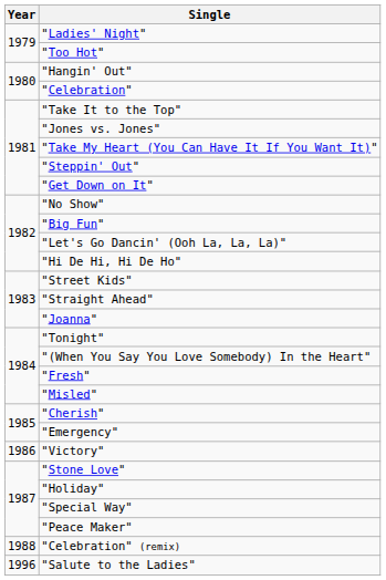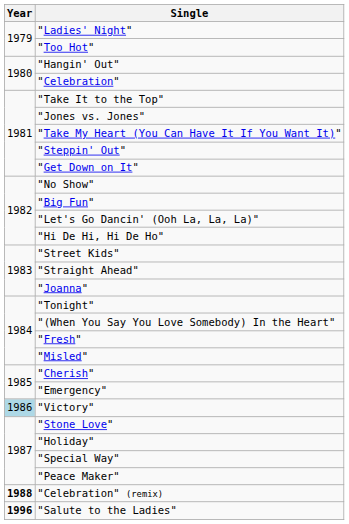 <table class="wikitable">
 <tr>
 <th>Year</th>
 <th>Single</th>
 </tr>
 <tr>
 <td rowspan="2">1979</td>
 <td>"<a href='#'>Ladies' Night</a>"</td>
 </tr>
 <tr>
 <td>"<a href='#'>Too Hot</a>"</td>
 </tr>
 <tr>
 <td rowspan="2">1980</td>
 <td>"Hangin' Out"</td>
 </tr>
 <tr>
 <td>"<a href='#'>Celebration</a>"</td>
 </tr>
 <tr>
 <td rowspan="5">1981</td>
 <td>"Take It to the Top"</td>
 </tr>
 <tr>
 <td>"Jones vs. Jones"</td>
 </tr>
 <tr>
 <td>"<a href='#'>Take My Heart (You Can Have It If You Want It)</a>"</td>
 </tr>
 <tr>
 <td>"<a href='#'>Steppin' Out</a>"</td>
 </tr>
 <tr>
 <td>"<a href='#'>Get Down on It</a>"</td>
 </tr>
 <tr>
 <td rowspan="4">1982</td>
 <td>"No Show"</td>
 </tr>
 <tr>
 <td>"<a href='#'>Big Fun</a>"</td>
 </tr>
 <tr>
 <td>"Let's Go Dancin' (Ooh La, La, La)"</td>
 </tr>
 <tr>
 <td>"Hi De Hi, Hi De Ho"</td>
 </tr>
 <tr>
 <td rowspan="3">1983</td>
 <td>"Street Kids"</td>
 </tr>
 <tr>
 <td>"Straight Ahead"</td>
 </tr>
 <tr>
 <td>"<a href='#'>Joanna</a>"</td>
 </tr>
 <tr>
 <td rowspan="4">1984</td>
 <td>"Tonight"</td>
 </tr>
 <tr>
 <td>"(When You Say You Love Somebody) In the Heart"</td>
 </tr>
 <tr>
 <td>"<a href='#'>Fresh</a>"</td>
 </tr>
 <tr>
 <td>"<a href='#'>Misled</a>"</td>
 </tr>
 <tr>
 <td rowspan="2">1985</td>
 <td>"<a href='#'>Cherish</a>"</td>
 </tr>
 <tr>
 <td>"Emergency"</td>
 </tr>
 <tr>
-<td>1986</td>
+<td style="background: lightblue;">1986</td>
 <td>"Victory"</td>
 </tr>
 <tr>
 <td rowspan="4">1987</td>
 <td>"<a href='#'>Stone Love</a>"</td>
 </tr>
 <tr>
 <td>"Holiday"</td>
 </tr>
 <tr>
 <td>"Special Way"</td>
 </tr>
 <tr>
 <td>"Peace Maker"</td>
 </tr>
 <tr>
-<td>1988</td>
+<td><strong>1988</strong></td>
 <td>"Celebration" <small>(remix)</small></td>
 </tr>
 <tr>
-<td>1996</td>
+<td><strong>1996</strong></td>
 <td>"Salute to the Ladies"</td>
 </tr>
 </table>
